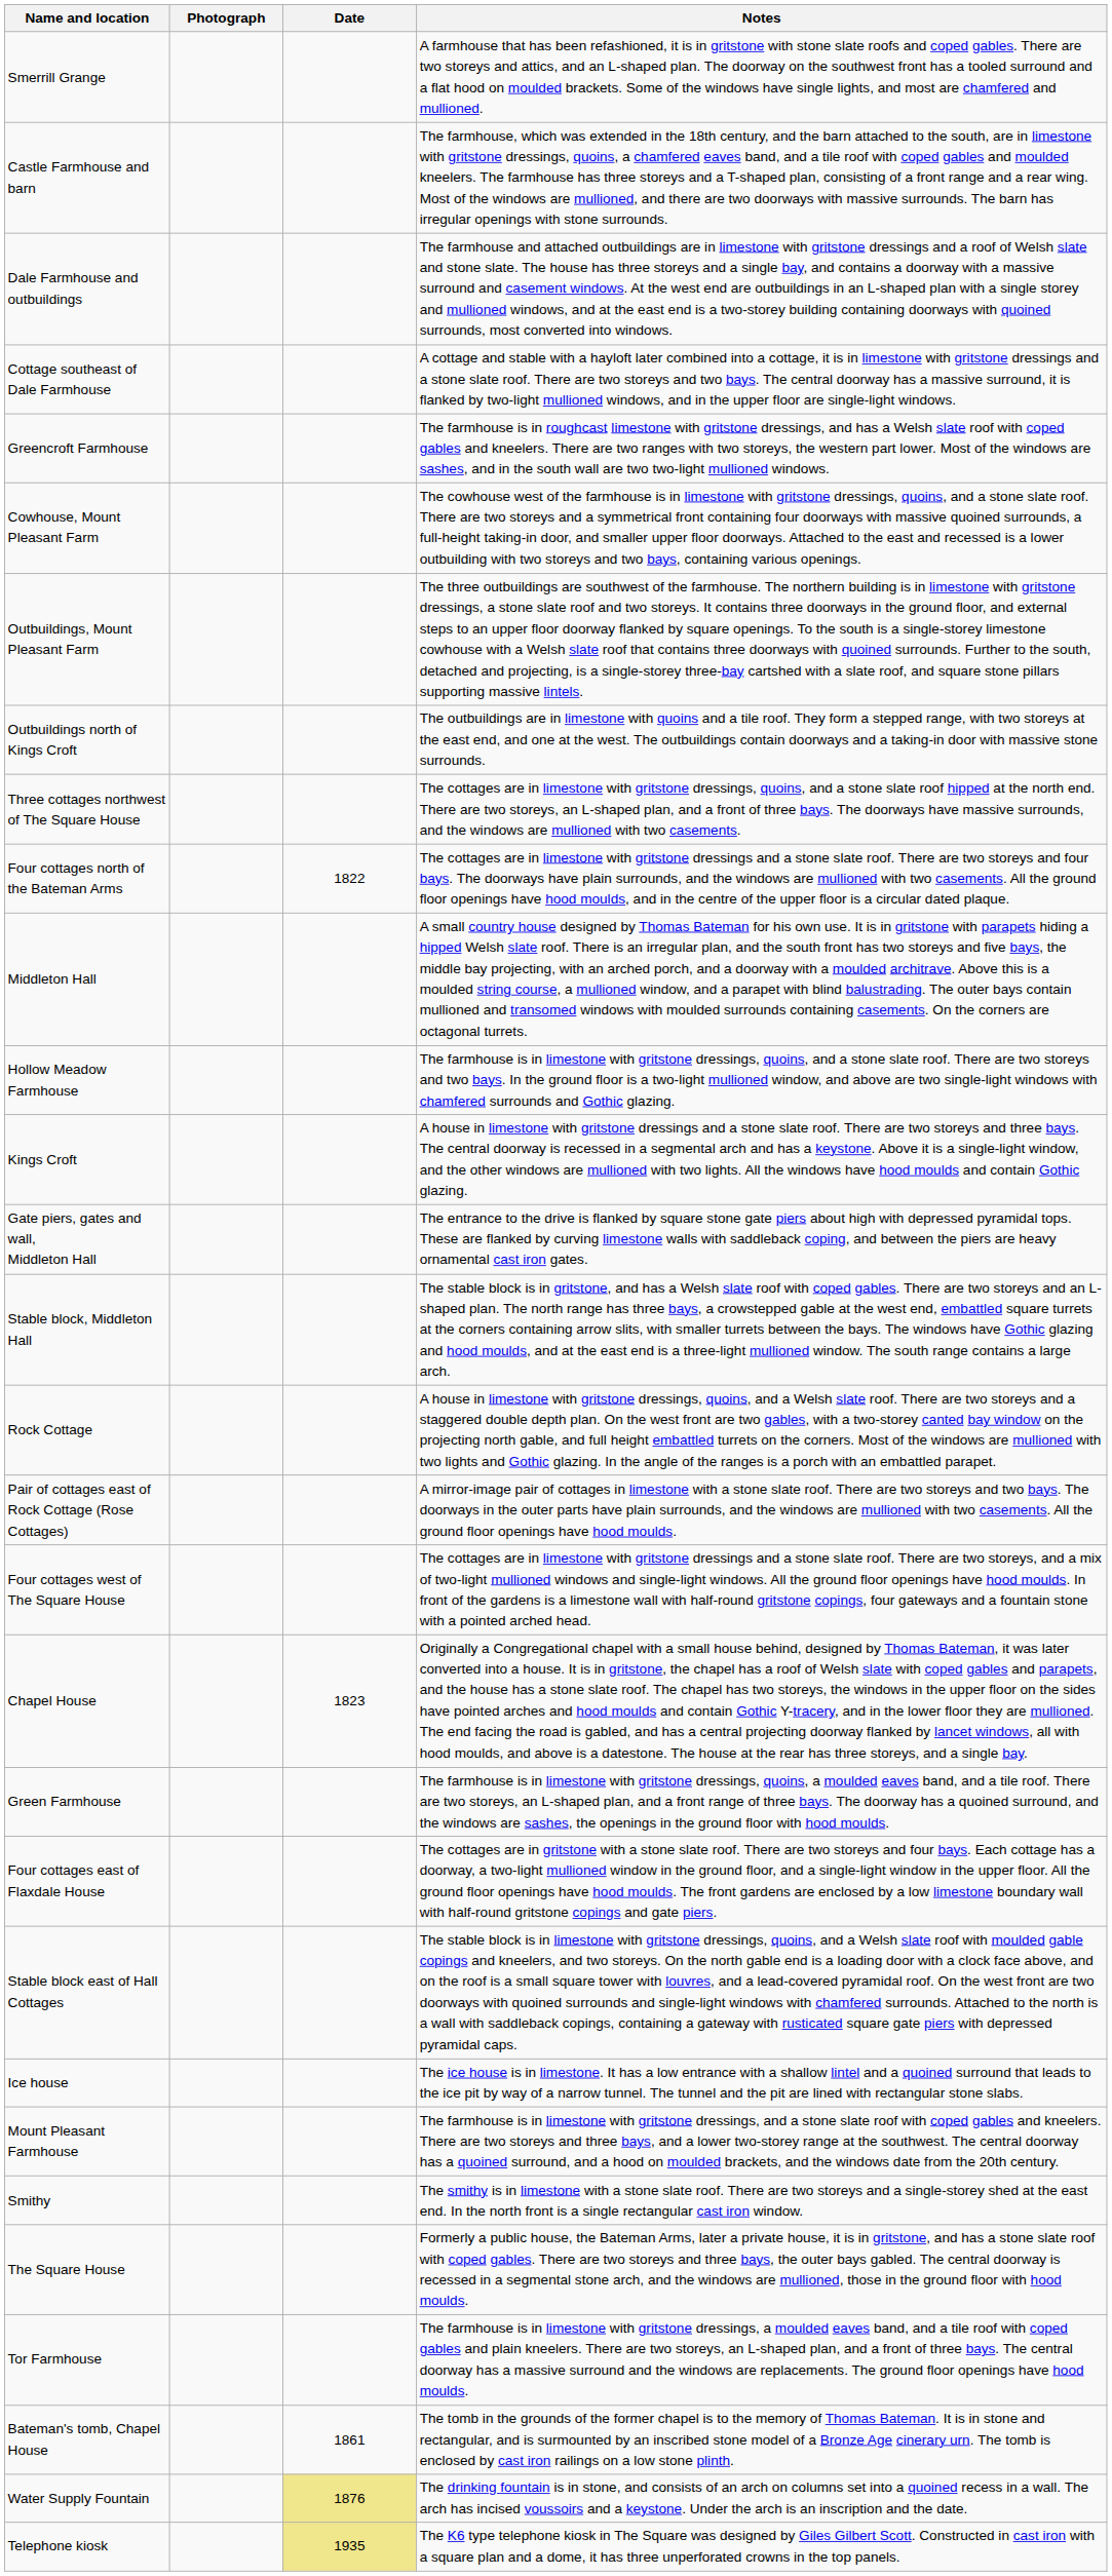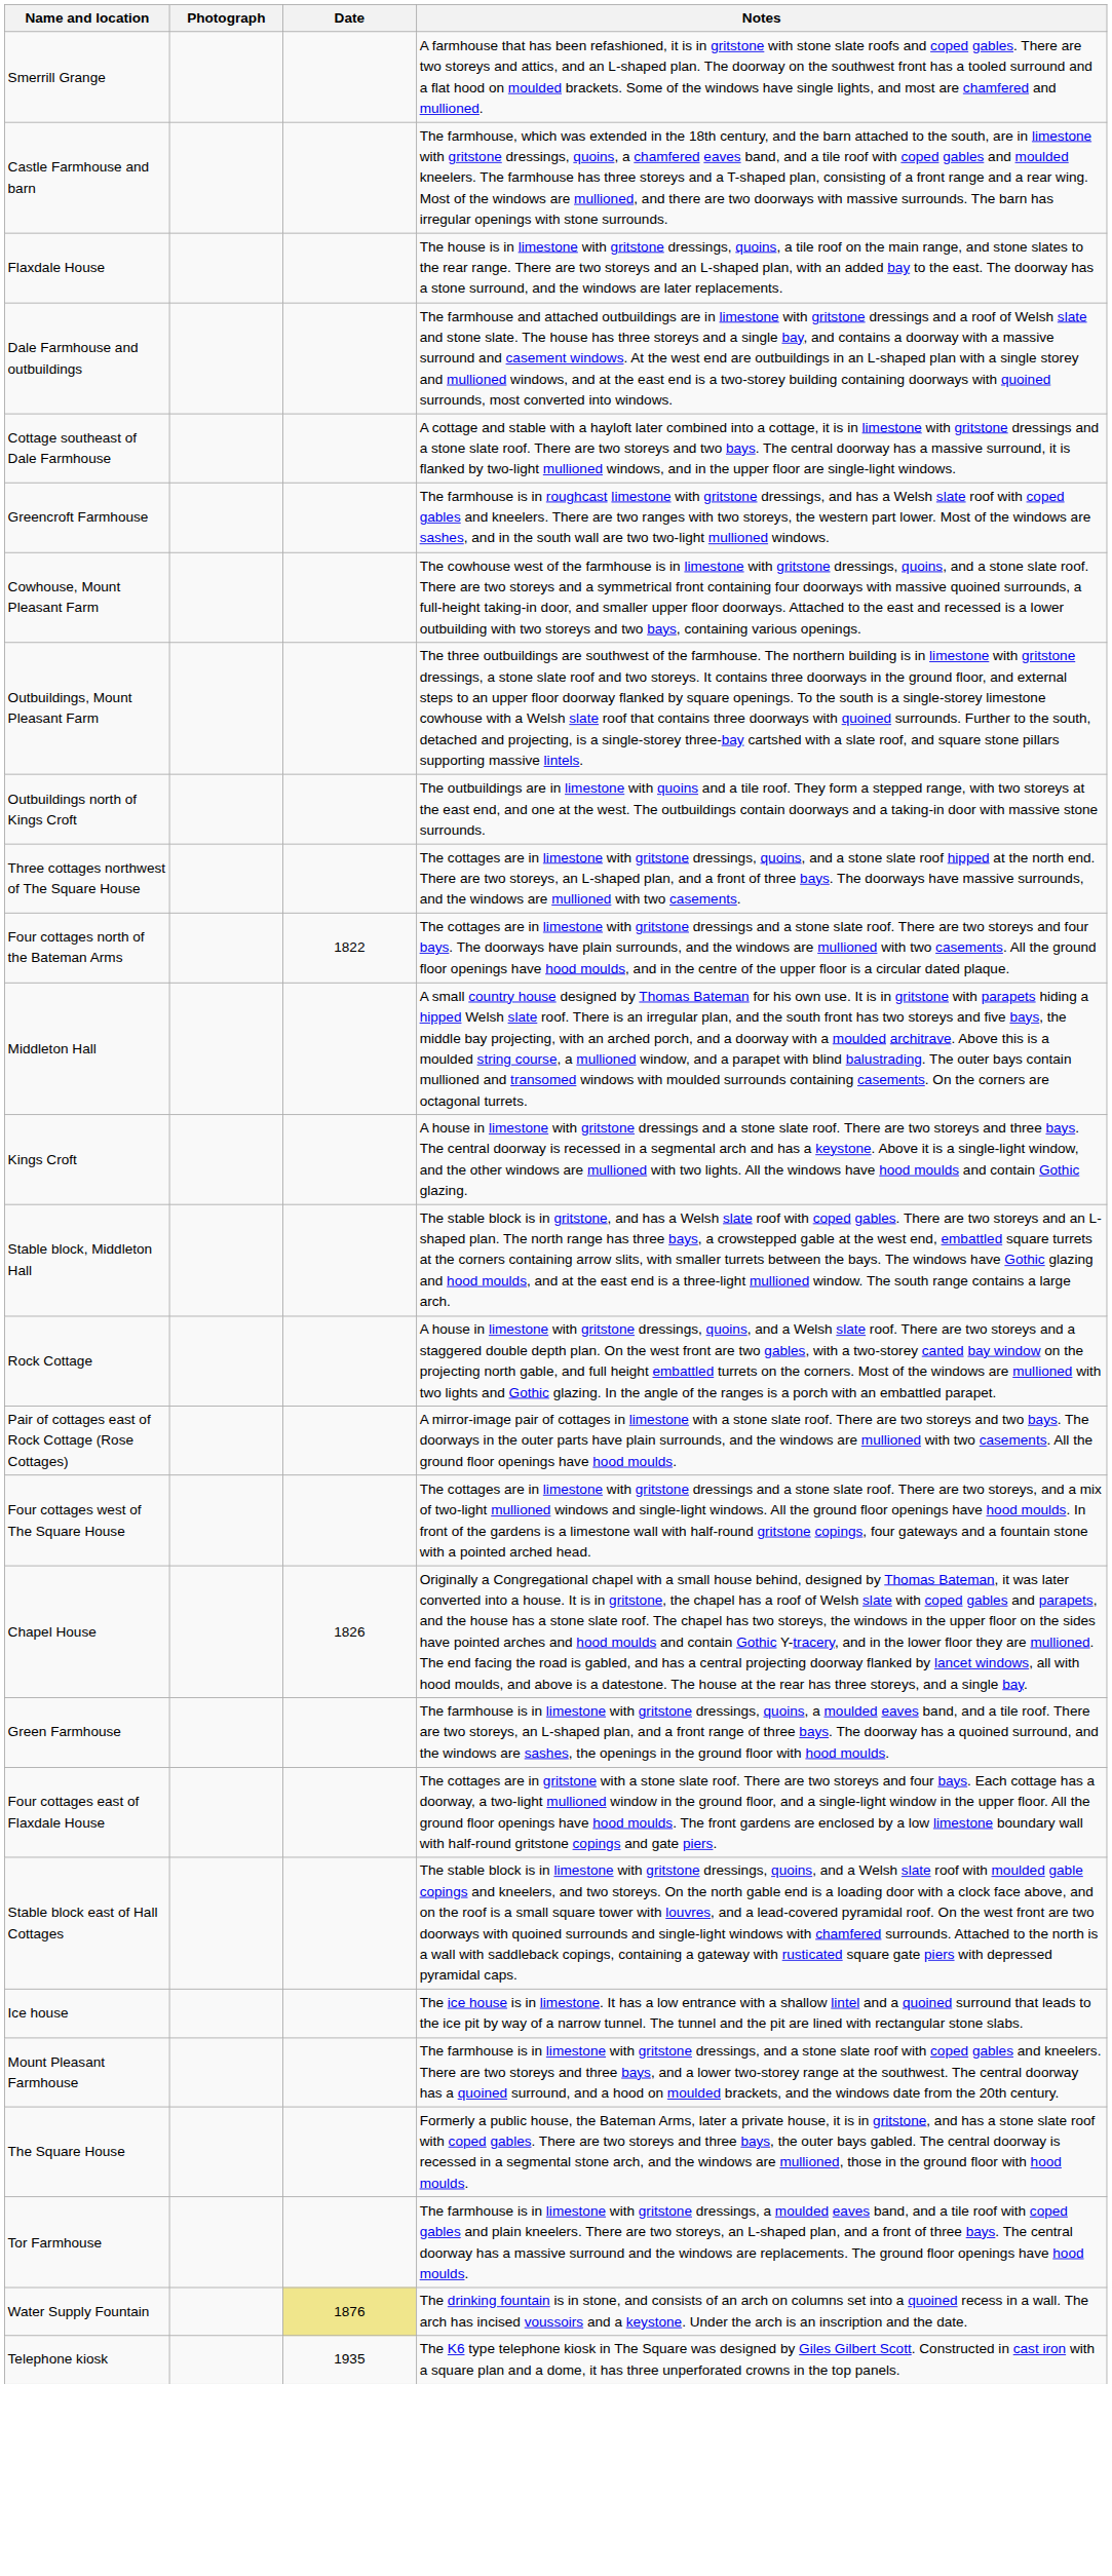 <table class="wikitable sortable plainrowheaders" style="width:100%;border:0px;text-align:left;line-height:150%;">
 <tr>
 <th scope="col"  style="width:150px">Name and location</th>
 <th scope="col"  style="width:100px" class="unsortable">Photograph</th>
 <th scope="col"  style="width:120px">Date</th>
 <th scope="col"  style="width:650px" class="unsortable">Notes</th>
 </tr>
 <tr>
 <td>Smerrill Grange<br><small></small></td>
 <td></td>
 <td align="center"></td>
 <td>A farmhouse that has been refashioned, it is in <a href='#'>gritstone</a> with stone slate roofs and <a href='#'>coped</a> <a href='#'>gables</a>.  There are two storeys and attics, and an L-shaped plan.  The doorway on the southwest front has a tooled surround and a flat hood on <a href='#'>moulded</a> brackets.  Some of the windows have single lights, and most are <a href='#'>chamfered</a> and <a href='#'>mullioned</a>.</td>
 </tr>
 <tr>
 <td>Castle Farmhouse and barn<br><small></small></td>
 <td></td>
 <td align="center"></td>
 <td>The farmhouse, which was extended in the 18th century, and the barn attached to the south, are in <a href='#'>limestone</a> with <a href='#'>gritstone</a> dressings, <a href='#'>quoins</a>, a <a href='#'>chamfered</a> <a href='#'>eaves</a> band, and a tile roof with <a href='#'>coped</a> <a href='#'>gables</a> and <a href='#'>moulded</a> kneelers.  The farmhouse has three storeys and a T-shaped plan, consisting of a front range and a rear wing.  Most of the windows are <a href='#'>mullioned</a>, and there are two doorways with massive surrounds.  The barn has irregular openings with stone surrounds.</td>
+</tr>
+<tr>
+<td>Flaxdale House<br><small></small></td>
+<td></td>
+<td align="center"></td>
+<td>The house is in <a href='#'>limestone</a> with <a href='#'>gritstone</a> dressings, <a href='#'>quoins</a>, a tile roof on the main range, and stone slates to the rear range.  There are two storeys and an L-shaped plan, with an added <a href='#'>bay</a> to the east.  The doorway has a stone surround, and the windows are later replacements.</td>
 </tr>
 <tr>
 <td>Dale Farmhouse and outbuildings<br><small></small></td>
 <td></td>
 <td align="center"></td>
 <td>The farmhouse and attached outbuildings are in <a href='#'>limestone</a> with <a href='#'>gritstone</a> dressings and a roof of Welsh <a href='#'>slate</a> and stone slate.  The house has three storeys and a single <a href='#'>bay</a>, and contains a doorway with a massive surround and <a href='#'>casement windows</a>.  At the west end are outbuildings in an L-shaped plan with a single storey and <a href='#'>mullioned</a> windows, and at the east end is a two-storey building containing doorways with <a href='#'>quoined</a> surrounds, most converted into windows.</td>
 </tr>
 <tr>
 <td>Cottage southeast of Dale Farmhouse<br><small></small></td>
 <td></td>
 <td align="center"></td>
 <td>A cottage and stable with a hayloft later combined into a cottage, it is in <a href='#'>limestone</a> with <a href='#'>gritstone</a> dressings and a stone slate roof.  There are two storeys and two <a href='#'>bays</a>.  The central doorway has a massive surround, it is flanked by two-light <a href='#'>mullioned</a> windows, and in the upper floor are single-light windows.</td>
 </tr>
 <tr>
 <td>Greencroft Farmhouse<br><small></small></td>
 <td></td>
 <td align="center"></td>
 <td>The farmhouse is in <a href='#'>roughcast</a> <a href='#'>limestone</a> with <a href='#'>gritstone</a> dressings, and has a Welsh <a href='#'>slate</a> roof with <a href='#'>coped</a> <a href='#'>gables</a> and kneelers.  There are two ranges with two storeys, the western part lower.  Most of the windows are <a href='#'>sashes</a>, and in the south wall are two two-light <a href='#'>mullioned</a> windows.</td>
 </tr>
 <tr>
 <td>Cowhouse, Mount Pleasant Farm<br><small></small></td>
 <td></td>
 <td align="center"></td>
 <td>The cowhouse west of the farmhouse is in <a href='#'>limestone</a> with <a href='#'>gritstone</a> dressings, <a href='#'>quoins</a>, and a stone slate roof.  There are two storeys and a symmetrical front containing four doorways with massive quoined surrounds, a full-height taking-in door, and smaller upper floor doorways.  Attached to the east and recessed is a lower outbuilding with two storeys and two <a href='#'>bays</a>, containing various openings.</td>
 </tr>
 <tr>
 <td>Outbuildings, Mount Pleasant Farm<br><small></small></td>
 <td></td>
 <td align="center"></td>
 <td>The three outbuildings are southwest of the farmhouse. The northern building is in <a href='#'>limestone</a> with <a href='#'>gritstone</a> dressings, a stone slate roof and two storeys.  It contains three doorways in the ground floor, and external steps to an upper floor doorway flanked by square openings.  To the south is a single-storey limestone cowhouse with a Welsh <a href='#'>slate</a> roof that contains three doorways with <a href='#'>quoined</a> surrounds.  Further to the south, detached and projecting, is a single-storey three-<a href='#'>bay</a> cartshed with a slate roof, and square stone pillars supporting massive <a href='#'>lintels</a>.</td>
 </tr>
 <tr>
 <td>Outbuildings north of Kings Croft<br><small></small></td>
 <td></td>
 <td align="center"></td>
 <td>The outbuildings are in <a href='#'>limestone</a> with <a href='#'>quoins</a> and a tile roof.  They form a stepped range, with two storeys at the east end, and one at the west.  The outbuildings contain doorways and a taking-in door with massive stone surrounds.</td>
 </tr>
 <tr>
 <td>Three cottages northwest of The Square House<br><small></small></td>
 <td></td>
 <td align="center"></td>
 <td>The cottages are in <a href='#'>limestone</a> with <a href='#'>gritstone</a> dressings, <a href='#'>quoins</a>, and a stone slate roof <a href='#'>hipped</a> at the north end.  There are two storeys, an L-shaped plan, and a front of three <a href='#'>bays</a>.  The doorways have massive surrounds, and the windows are <a href='#'>mullioned</a> with two <a href='#'>casements</a>.</td>
 </tr>
 <tr>
 <td>Four cottages north of the Bateman Arms<br><small></small></td>
 <td></td>
 <td align="center">1822</td>
 <td>The cottages are in <a href='#'>limestone</a> with <a href='#'>gritstone</a> dressings and a stone slate roof.  There are two storeys and four <a href='#'>bays</a>.  The doorways have plain surrounds, and the windows are <a href='#'>mullioned</a> with two <a href='#'>casements</a>.  All the ground floor openings have <a href='#'>hood moulds</a>, and in the centre of the upper floor is a circular dated plaque.</td>
 </tr>
 <tr>
 <td>Middleton Hall<br><small></small></td>
 <td></td>
 <td align="center"></td>
 <td>A small <a href='#'>country house</a> designed by <a href='#'>Thomas Bateman</a> for his own use.  It is in <a href='#'>gritstone</a> with <a href='#'>parapets</a> hiding a <a href='#'>hipped</a> Welsh <a href='#'>slate</a> roof. There is an irregular plan, and the south front has two storeys and five <a href='#'>bays</a>, the middle bay projecting, with an arched porch, and a doorway with a <a href='#'>moulded</a> <a href='#'>architrave</a>.  Above this is a moulded <a href='#'>string course</a>, a <a href='#'>mullioned</a> window, and a parapet with blind <a href='#'>balustrading</a>.  The outer bays contain mullioned and <a href='#'>transomed</a> windows with moulded surrounds containing <a href='#'>casements</a>.  On the corners are octagonal turrets.</td>
 </tr>
 <tr>
-<td>Hollow Meadow Farmhouse<br><small></small></td>
-<td></td>
-<td align="center"></td>
-<td>The farmhouse is in <a href='#'>limestone</a> with <a href='#'>gritstone</a> dressings, <a href='#'>quoins</a>, and a stone slate roof.  There are two storeys and two <a href='#'>bays</a>.  In the ground floor is a two-light <a href='#'>mullioned</a> window, and above are two single-light windows with <a href='#'>chamfered</a> surrounds and <a href='#'>Gothic</a> glazing.</td>
-</tr>
-<tr>
 <td>Kings Croft<br><small></small></td>
 <td></td>
 <td align="center"></td>
 <td>A house in <a href='#'>limestone</a> with <a href='#'>gritstone</a> dressings and a stone slate roof.  There are two storeys and three <a href='#'>bays</a>.  The central doorway is recessed in a segmental arch and has a <a href='#'>keystone</a>. Above it is a single-light window, and the other windows are <a href='#'>mullioned</a> with two lights.  All the windows have <a href='#'>hood moulds</a> and contain <a href='#'>Gothic</a> glazing.</td>
-</tr>
-<tr>
-<td>Gate piers, gates and wall,<br>Middleton Hall<br><small></small></td>
-<td></td>
-<td align="center"></td>
-<td>The entrance to the drive is flanked by square stone gate <a href='#'>piers</a> about  high with depressed pyramidal tops.  These are flanked by curving <a href='#'>limestone</a> walls with saddleback <a href='#'>coping</a>, and between the piers are heavy ornamental <a href='#'>cast iron</a> gates.</td>
 </tr>
 <tr>
 <td>Stable block, Middleton Hall<br><small></small></td>
 <td></td>
 <td align="center"></td>
 <td>The stable block is in <a href='#'>gritstone</a>, and has a Welsh <a href='#'>slate</a> roof with <a href='#'>coped</a> <a href='#'>gables</a>.  There are two storeys and an L-shaped plan.  The north range has three <a href='#'>bays</a>, a crowstepped gable at the west end, <a href='#'>embattled</a> square turrets at the corners containing arrow slits, with smaller turrets between the bays.  The windows have <a href='#'>Gothic</a> glazing and <a href='#'>hood moulds</a>, and at the east end is a three-light <a href='#'>mullioned</a> window.  The south range contains a large arch.</td>
 </tr>
 <tr>
 <td>Rock Cottage<br><small></small></td>
 <td></td>
 <td align="center"></td>
 <td>A house in <a href='#'>limestone</a> with <a href='#'>gritstone</a> dressings, <a href='#'>quoins</a>, and a Welsh <a href='#'>slate</a> roof.  There are two storeys and a staggered double depth plan.  On the west front are two <a href='#'>gables</a>, with a two-storey <a href='#'>canted</a> <a href='#'>bay window</a> on the projecting north gable, and full height <a href='#'>embattled</a> turrets on the corners.  Most of the windows are <a href='#'>mullioned</a> with two lights and <a href='#'>Gothic</a> glazing.  In the angle of the ranges is a porch with an embattled parapet.</td>
 </tr>
 <tr>
 <td>Pair of cottages east of Rock Cottage (Rose Cottages)<br><small></small></td>
 <td></td>
 <td align="center"></td>
 <td>A mirror-image pair of cottages in <a href='#'>limestone</a> with a stone slate roof.  There are two storeys and two <a href='#'>bays</a>.  The doorways in the outer parts have plain surrounds, and the windows are <a href='#'>mullioned</a> with two <a href='#'>casements</a>.  All the ground floor openings have <a href='#'>hood moulds</a>.</td>
 </tr>
 <tr>
 <td>Four cottages west of The Square House<br><small></small></td>
 <td></td>
 <td align="center"></td>
 <td>The cottages are in <a href='#'>limestone</a> with <a href='#'>gritstone</a> dressings and a stone slate roof.  There are two storeys, and a mix of two-light <a href='#'>mullioned</a> windows and single-light windows.  All the ground floor openings have <a href='#'>hood moulds</a>.  In front of the gardens is a limestone wall with half-round <a href='#'>gritstone</a> <a href='#'>copings</a>, four gateways and a fountain stone with a pointed arched head.</td>
 </tr>
 <tr>
 <td>Chapel House<br><small></small></td>
 <td></td>
-<td align="center">1823</td>
+<td align="center">1826</td>
 <td>Originally a Congregational chapel with a small house behind, designed by <a href='#'>Thomas Bateman</a>, it was later converted into a house.  It is in <a href='#'>gritstone</a>, the chapel has a roof of Welsh <a href='#'>slate</a> with <a href='#'>coped</a> <a href='#'>gables</a> and <a href='#'>parapets</a>, and the house has a stone slate roof.  The chapel has two storeys, the windows in the upper floor on the sides have pointed arches and <a href='#'>hood moulds</a> and contain <a href='#'>Gothic</a> Y-<a href='#'>tracery</a>, and in the lower floor they are <a href='#'>mullioned</a>.  The end facing the road is gabled, and has a central projecting doorway flanked by <a href='#'>lancet windows</a>, all with hood moulds, and above is a datestone.  The house at the rear has three storeys, and a single <a href='#'>bay</a>.</td>
 </tr>
 <tr>
 <td>Green Farmhouse<br><small></small></td>
 <td></td>
 <td align="center"></td>
 <td>The farmhouse is in <a href='#'>limestone</a> with <a href='#'>gritstone</a> dressings, <a href='#'>quoins</a>, a <a href='#'>moulded</a> <a href='#'>eaves</a> band, and a tile roof.  There are two storeys, an L-shaped plan, and a front range of three <a href='#'>bays</a>.  The doorway has a quoined surround, and the windows are <a href='#'>sashes</a>, the openings in the ground floor with <a href='#'>hood moulds</a>.</td>
 </tr>
 <tr>
 <td>Four cottages east of Flaxdale House<br><small></small></td>
 <td></td>
 <td align="center"></td>
 <td>The cottages are in <a href='#'>gritstone</a> with a stone slate roof.  There are two storeys and four <a href='#'>bays</a>.  Each cottage has a doorway, a two-light <a href='#'>mullioned</a> window in the ground floor, and a single-light window in the upper floor.  All the ground floor openings have <a href='#'>hood moulds</a>.   The front gardens are enclosed by a low <a href='#'>limestone</a> boundary wall with half-round gritstone <a href='#'>copings</a> and gate <a href='#'>piers</a>.</td>
 </tr>
 <tr>
 <td>Stable block east of Hall Cottages<br><small></small></td>
 <td></td>
 <td align="center"></td>
 <td>The stable block is in <a href='#'>limestone</a> with <a href='#'>gritstone</a> dressings, <a href='#'>quoins</a>, and a Welsh <a href='#'>slate</a> roof with <a href='#'>moulded</a> <a href='#'>gable</a> <a href='#'>copings</a> and kneelers, and two storeys.  On the north gable end is a loading door with a clock face above, and on the roof is a small square tower with <a href='#'>louvres</a>, and a lead-covered pyramidal roof.  On the west front are two doorways with quoined surrounds and single-light windows with <a href='#'>chamfered</a> surrounds.  Attached to the north is a wall with saddleback copings, containing a gateway with <a href='#'>rusticated</a> square gate <a href='#'>piers</a> with depressed pyramidal caps.</td>
 </tr>
 <tr>
 <td>Ice house<br><small></small></td>
 <td></td>
 <td align="center"></td>
 <td>The <a href='#'>ice house</a> is in <a href='#'>limestone</a>.  It has a low entrance with a shallow <a href='#'>lintel</a> and a <a href='#'>quoined</a> surround that leads to the ice pit by way of a narrow tunnel.  The tunnel and the pit are lined with rectangular stone slabs.</td>
 </tr>
 <tr>
 <td>Mount Pleasant Farmhouse<br><small></small></td>
 <td></td>
 <td align="center"></td>
 <td>The farmhouse is in <a href='#'>limestone</a> with <a href='#'>gritstone</a> dressings, and a stone slate roof with <a href='#'>coped</a> <a href='#'>gables</a> and kneelers.  There are two storeys and three <a href='#'>bays</a>, and a lower two-storey range at the southwest.  The central doorway has a <a href='#'>quoined</a> surround, and a hood on <a href='#'>moulded</a> brackets, and the windows date from the 20th century.</td>
 </tr>
 <tr>
-<td>Smithy<br><small></small></td>
-<td></td>
-<td align="center"></td>
-<td>The <a href='#'>smithy</a> is in <a href='#'>limestone</a> with a stone slate roof.  There are two storeys and a single-storey shed at the east end.  In the north front is a single rectangular <a href='#'>cast iron</a> window.</td>
-</tr>
-<tr>
 <td>The Square House<br><small></small></td>
 <td></td>
 <td align="center"></td>
 <td>Formerly a public house, the Bateman Arms, later a private house, it is in <a href='#'>gritstone</a>, and has a stone slate roof with <a href='#'>coped</a> <a href='#'>gables</a>.  There are two storeys and three <a href='#'>bays</a>, the outer bays gabled.  The central doorway is recessed in a segmental stone arch, and the windows are <a href='#'>mullioned</a>, those in the ground floor with <a href='#'>hood moulds</a>.</td>
 </tr>
 <tr>
 <td>Tor Farmhouse<br><small></small></td>
 <td></td>
 <td align="center"></td>
 <td>The farmhouse is in <a href='#'>limestone</a> with <a href='#'>gritstone</a> dressings, a <a href='#'>moulded</a> <a href='#'>eaves</a> band, and a tile roof with <a href='#'>coped</a> <a href='#'>gables</a> and plain kneelers. There are two storeys, an L-shaped plan, and a front of three <a href='#'>bays</a>.  The central doorway has a massive surround and the windows are replacements.  The ground floor openings have <a href='#'>hood moulds</a>.</td>
 </tr>
 <tr>
-<td>Bateman's tomb, Chapel House<br><small></small></td>
-<td></td>
-<td align="center">1861</td>
-<td>The tomb in the grounds of the former chapel is to the memory of <a href='#'>Thomas Bateman</a>.  It is in stone and rectangular, and is surmounted by an inscribed stone model of a <a href='#'>Bronze Age</a> <a href='#'>cinerary urn</a>.  The tomb is enclosed by <a href='#'>cast iron</a> railings on a low stone <a href='#'>plinth</a>.</td>
-</tr>
-<tr>
 <td>Water Supply Fountain<br><small></small></td>
 <td></td>
 <td align="center" style="background: khaki;">1876</td>
 <td>The <a href='#'>drinking fountain</a> is in stone, and consists of an arch on columns set into a <a href='#'>quoined</a> recess in a wall.  The arch has incised <a href='#'>voussoirs</a> and a <a href='#'>keystone</a>.  Under the arch is an inscription and the date.</td>
 </tr>
 <tr>
 <td>Telephone kiosk<br><small></small></td>
 <td></td>
-<td align="center" style="background: khaki;">1935</td>
+<td align="center">1935</td>
 <td>The <a href='#'>K6</a> type telephone kiosk in The Square was designed by <a href='#'>Giles Gilbert Scott</a>.  Constructed in <a href='#'>cast iron</a> with a square plan and a dome, it has three unperforated crowns in the top panels.</td>
 </tr>
 <tr>
 </tr>
 </table>
